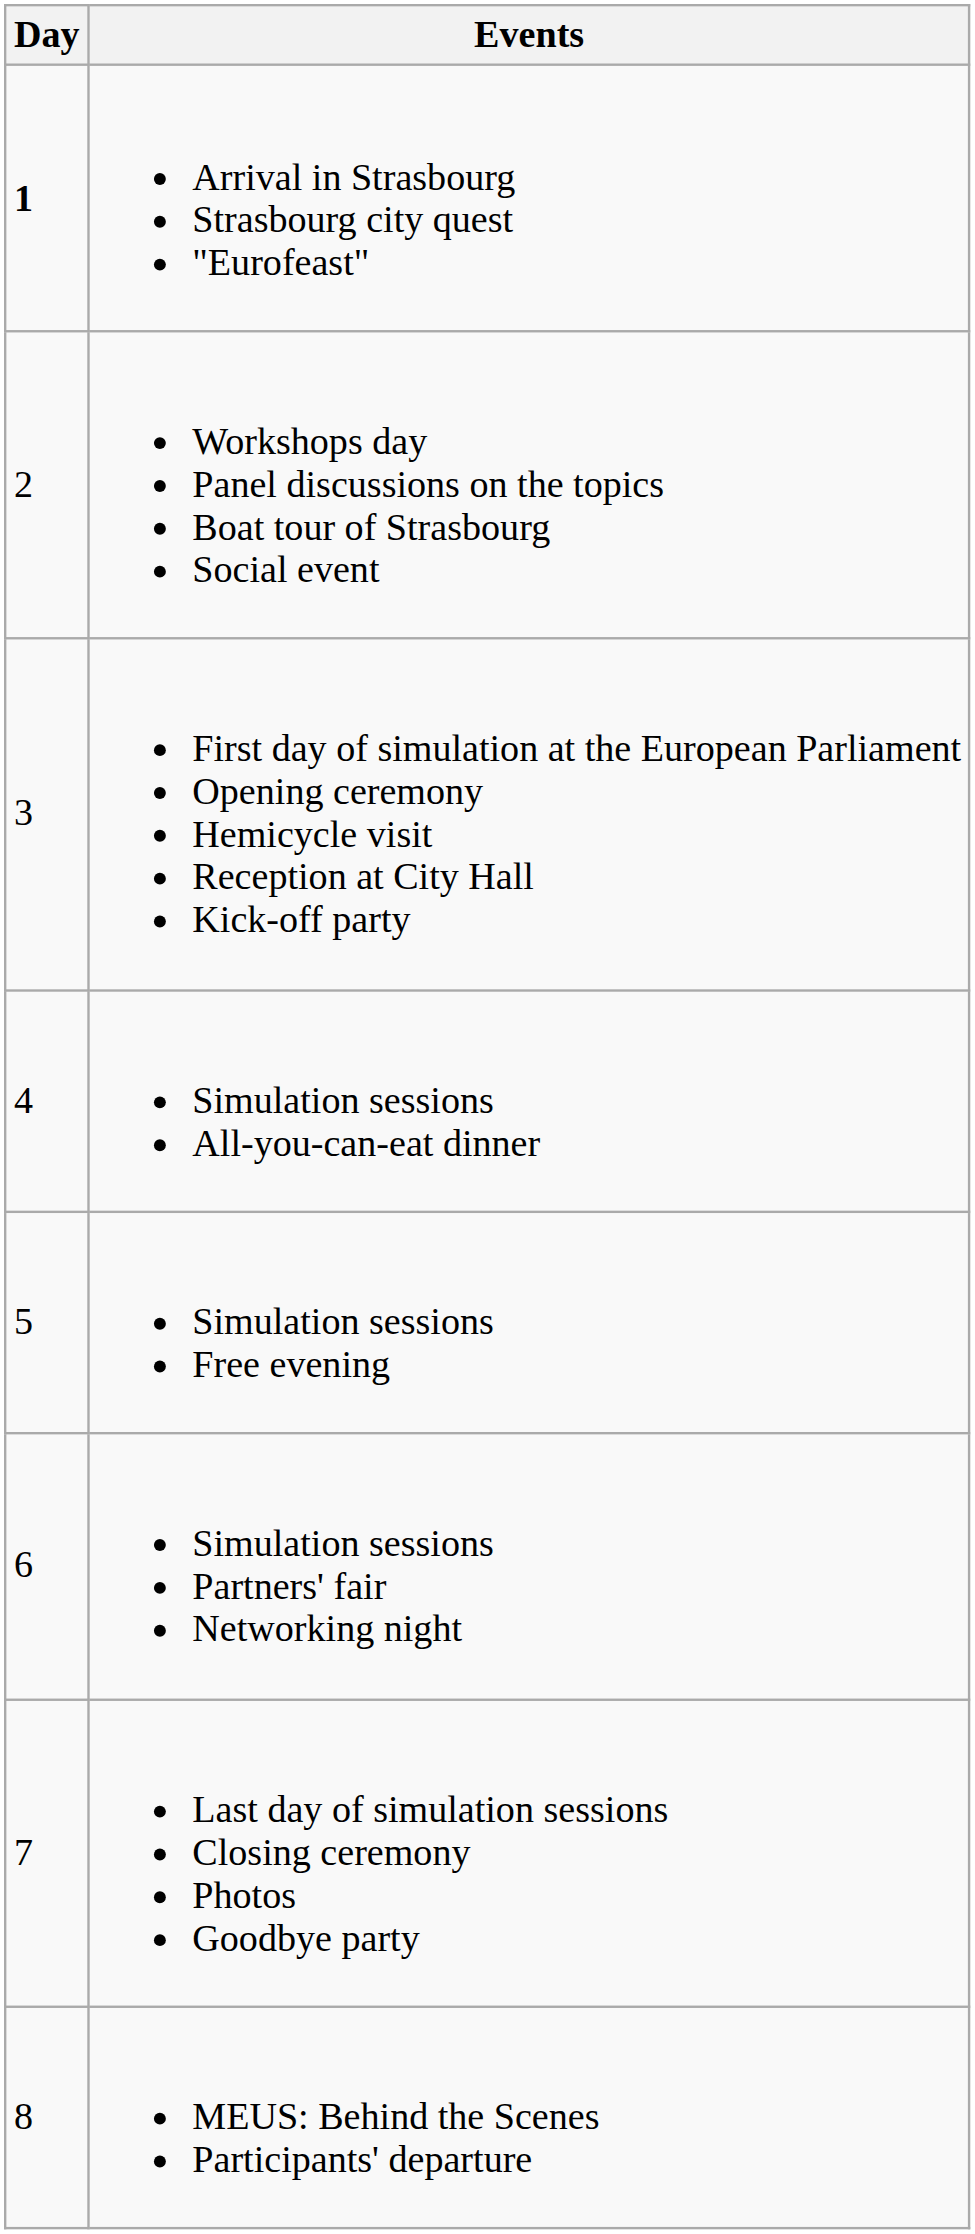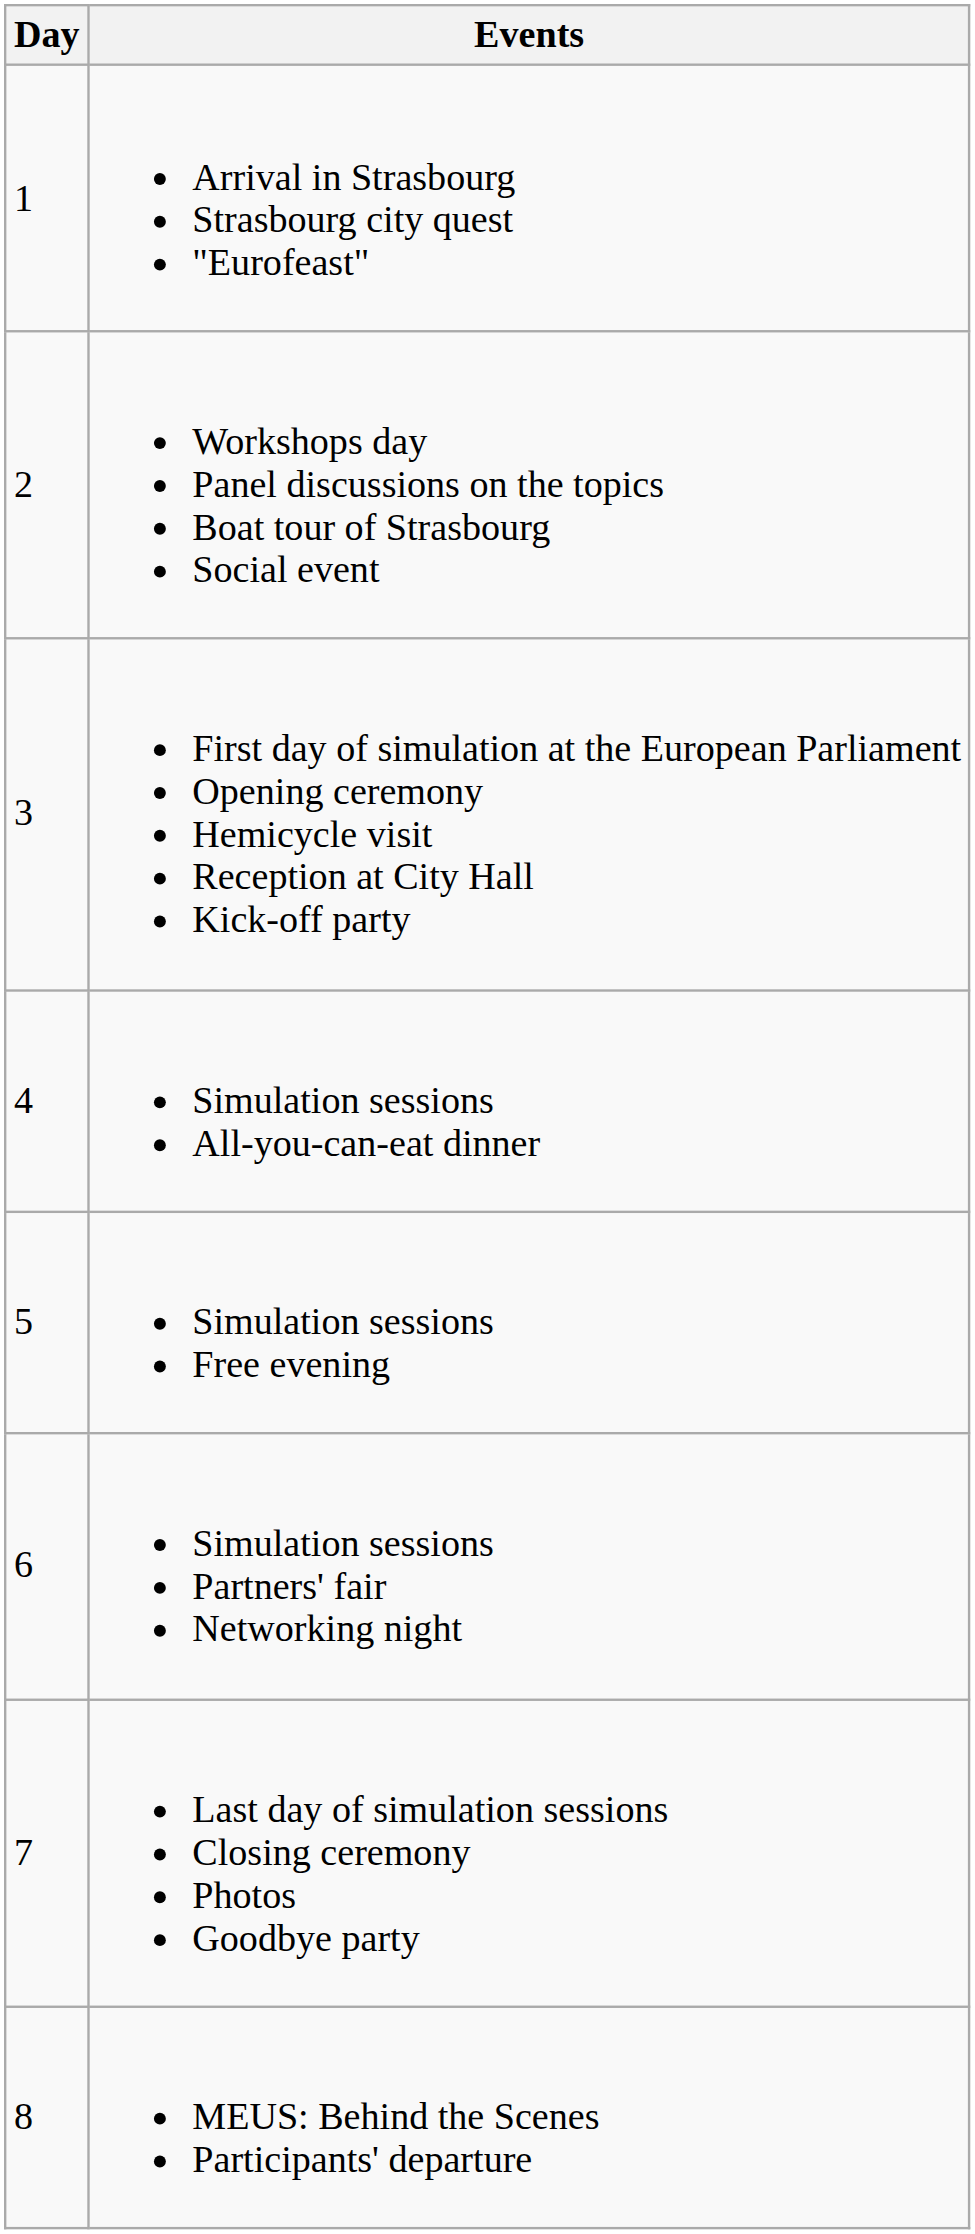 <table class="wikitable">
 <tr>
 <th>Day</th>
 <th>Events</th>
 </tr>
 <tr>
-<td><strong>1</strong></td>
+<td>1</td>
 <td><br><ul><li>Arrival in Strasbourg</li><li>Strasbourg city quest</li><li>"Eurofeast"</li></ul></td>
 </tr>
 <tr>
 <td>2</td>
 <td><br><ul><li>Workshops day</li><li>Panel discussions on the topics</li><li>Boat tour of Strasbourg</li><li>Social event</li></ul></td>
 </tr>
 <tr>
 <td>3</td>
 <td><br><ul><li>First day of simulation at the European Parliament</li><li>Opening ceremony</li><li>Hemicycle visit</li><li>Reception at City Hall</li><li>Kick-off party</li></ul></td>
 </tr>
 <tr>
 <td>4</td>
 <td><br><ul><li>Simulation sessions</li><li>All-you-can-eat dinner</li></ul></td>
 </tr>
 <tr>
 <td>5</td>
 <td><br><ul><li>Simulation sessions</li><li>Free evening</li></ul></td>
 </tr>
 <tr>
 <td>6</td>
 <td><br><ul><li>Simulation sessions</li><li>Partners' fair</li><li>Networking night</li></ul></td>
 </tr>
 <tr>
 <td>7</td>
 <td><br><ul><li>Last day of simulation sessions</li><li>Closing ceremony</li><li>Photos</li><li>Goodbye party</li></ul></td>
 </tr>
 <tr>
 <td>8</td>
 <td><br><ul><li>MEUS: Behind the Scenes</li><li>Participants' departure</li></ul></td>
 </tr>
 </table>
